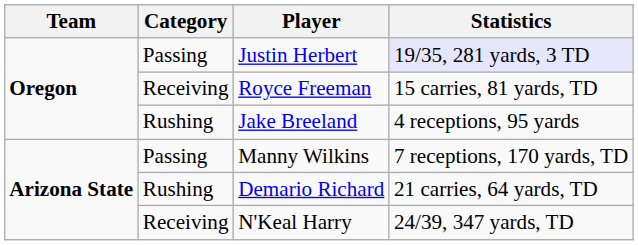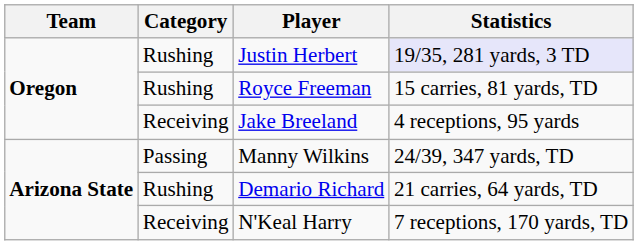 <table class="wikitable" style="float: right;">
 <tr>
 <th>Team</th>
 <th>Category</th>
 <th>Player</th>
 <th>Statistics</th>
 </tr>
 <tr>
 <td rowspan=3><strong>Oregon</strong></td>
-<td>Passing</td>
+<td>Rushing</td>
 <td><a href='#'>Justin Herbert</a></td>
 <td style="background: lavender;">19/35, 281 yards, 3 TD</td>
 </tr>
 <tr>
-<td>Receiving</td>
+<td>Rushing</td>
 <td><a href='#'>Royce Freeman</a></td>
 <td>15 carries, 81 yards, TD</td>
 </tr>
 <tr>
-<td>Rushing</td>
+<td>Receiving</td>
 <td><a href='#'>Jake Breeland</a></td>
 <td>4 receptions, 95 yards</td>
 </tr>
 <tr>
 <td rowspan=3><strong>Arizona State</strong></td>
 <td>Passing</td>
 <td>Manny Wilkins</td>
-<td>7 receptions, 170 yards, TD</td>
+<td>24/39, 347 yards, TD</td>
 </tr>
 <tr>
 <td>Rushing</td>
 <td><a href='#'>Demario Richard</a></td>
 <td>21 carries, 64 yards, TD</td>
 </tr>
 <tr>
 <td>Receiving</td>
 <td>N'Keal Harry</td>
-<td>24/39, 347 yards, TD</td>
+<td>7 receptions, 170 yards, TD</td>
 </tr>
 </table>
